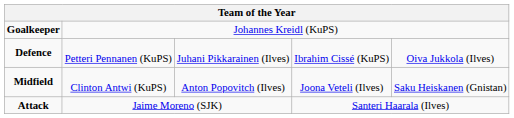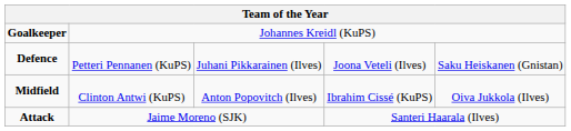 <table class="wikitable" style="text-align:center">
 <tr>
 <th colspan="13">Team of the Year</th>
 </tr>
 <tr>
 <td><strong>Goalkeeper</strong></td>
 <td colspan="4"> <a href='#'>Johannes Kreidl</a> (KuPS)</td>
 </tr>
 <tr>
 <td><strong>Defence</strong></td>
 <td><br><a href='#'>Petteri Pennanen</a> (KuPS)</td>
 <td lowspan="1"><br><a href='#'>Juhani Pikkarainen</a> (Ilves)</td>
-<td><br><a href='#'>Ibrahim Cissé</a> (KuPS)</td>
-<td lowspan="1"><br><a href='#'>Oiva Jukkola</a> (Ilves)</td>
+<td lowspan="1"><br><a href='#'>Joona Veteli</a> (Ilves)</td>
+<td><br><a href='#'>Saku Heiskanen</a> (Gnistan)</td>
 </tr>
 <tr>
 <td><strong>Midfield</strong></td>
 <td lowspan="1"><br><a href='#'>Clinton Antwi</a> (KuPS)</td>
 <td lowspan="1"><br> <a href='#'>Anton Popovitch</a> (Ilves)</td>
-<td lowspan="1"><br><a href='#'>Joona Veteli</a> (Ilves)</td>
-<td><br><a href='#'>Saku Heiskanen</a> (Gnistan)</td>
+<td><br><a href='#'>Ibrahim Cissé</a> (KuPS)</td>
+<td lowspan="1"><br><a href='#'>Oiva Jukkola</a> (Ilves)</td>
 </tr>
 <tr>
 <td><strong>Attack</strong></td>
 <td colspan="2.5"> <a href='#'>Jaime Moreno</a> (SJK)</td>
 <td colspan="2.5"> <a href='#'>Santeri Haarala</a> (Ilves)</td>
 </tr>
 </table>
